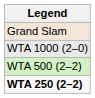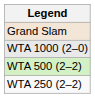 <table class="wikitable" style="font-size:90%">
 <tr>
 <th>Legend</th>
 </tr>
 <tr>
 <td bgcolor=f3e6d7>Grand Slam</td>
 </tr>
 <tr>
 <td bgcolor=e9e9e9>WTA 1000 (2–0)</td>
 </tr>
 <tr>
 <td bgcolor=#d4f1c5>WTA 500 (2–2)</td>
 </tr>
 <tr>
-<td><strong>WTA 250 (2–2)</strong></td>
+<td>WTA 250 (2–2)</td>
 </tr>
 </table>
